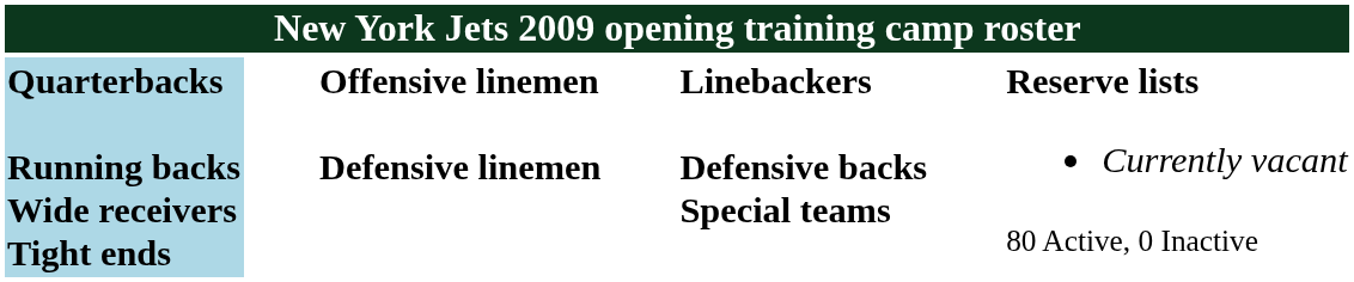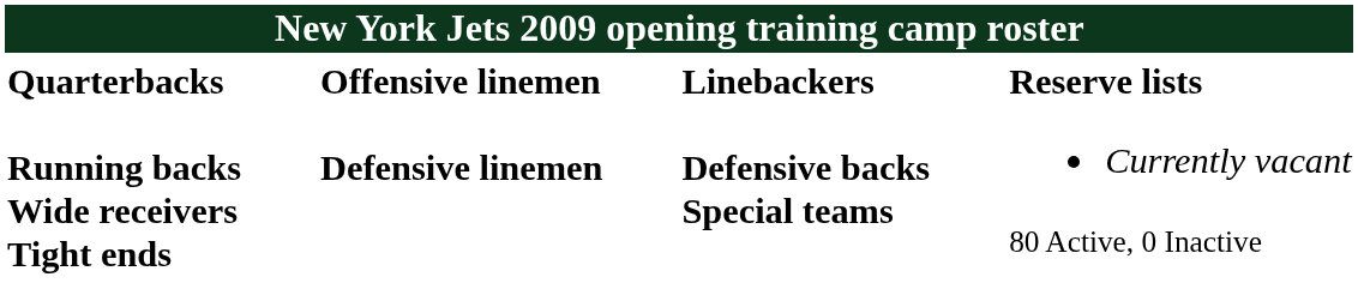 <table class="toccolours" style="text-align: left;">
 <tr>
 <th colspan="9" style="background-color: #0C371D; color: white; text-align: center;">New York Jets 2009 opening training camp roster</th>
 </tr>
 <tr>
-<td style="background: lightblue; font-size: 95%;" valign="top"><strong>Quarterbacks</strong><br>   <br><strong>Running backs</strong>       <br><strong>Wide receivers</strong>          <br><strong>Tight ends</strong>     </td>
+<td style="font-size: 95%;" valign="top"><strong>Quarterbacks</strong><br>   <br><strong>Running backs</strong>       <br><strong>Wide receivers</strong>          <br><strong>Tight ends</strong>     </td>
 <td style="width: 25px;"></td>
 <td style="font-size: 95%;" valign="top"><strong>Offensive linemen</strong><br>             <br><strong>Defensive linemen</strong>          </td>
 <td style="width: 25px;"></td>
 <td style="font-size: 95%;" valign="top"><strong>Linebackers</strong><br>            <br><strong>Defensive backs</strong>              <br><strong>Special teams</strong>    </td>
 <td style="width: 25px;"></td>
 <td style="font-size: 95%;" valign="top"><strong>Reserve lists</strong><br><ul><li><em>Currently vacant</em></li></ul><small>80 Active, 0 Inactive</small></td>
 </tr>
 </table>
